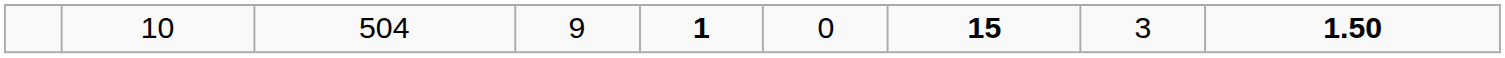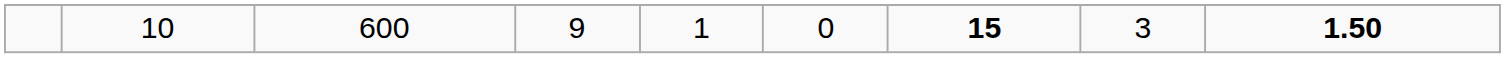 <table class="wikitable sortable" width ="50%">
 <tr align="center">
 </tr>
 <tr align="center" bgcolor="">
 <td></td>
 <td>10</td>
-<td>504</td>
+<td>600</td>
 <td>9</td>
-<td><strong>1</strong></td>
+<td>1</td>
 <td>0</td>
 <td><strong>15</strong></td>
 <td>3</td>
 <td><strong>1.50</strong></td>
 </tr>
 </table>
